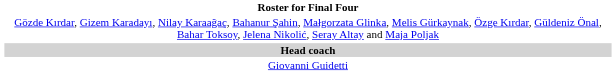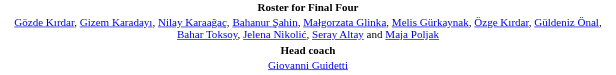 <table style="text-align: center; margin-top: 2em; margin-left: auto; margin-right: auto">
 <tr>
 <td><strong>Roster for Final Four</strong></td>
 </tr>
 <tr>
 <td><a href='#'>Gözde Kırdar</a>, <a href='#'>Gizem Karadayı</a>, <a href='#'>Nilay Karaağaç</a>, <a href='#'>Bahanur Şahin</a>, <a href='#'>Małgorzata Glinka</a>, <a href='#'>Melis Gürkaynak</a>, <a href='#'>Özge Kırdar</a>, <a href='#'>Güldeniz Önal</a>, <a href='#'>Bahar Toksoy</a>, <a href='#'>Jelena Nikolić</a>, <a href='#'>Seray Altay</a> and <a href='#'>Maja Poljak</a></td>
 </tr>
 <tr>
-<td style="background: lightgrey;"><strong>Head coach</strong></td>
+<td><strong>Head coach</strong></td>
 </tr>
 <tr>
 <td><a href='#'>Giovanni Guidetti</a></td>
 </tr>
 </table>
